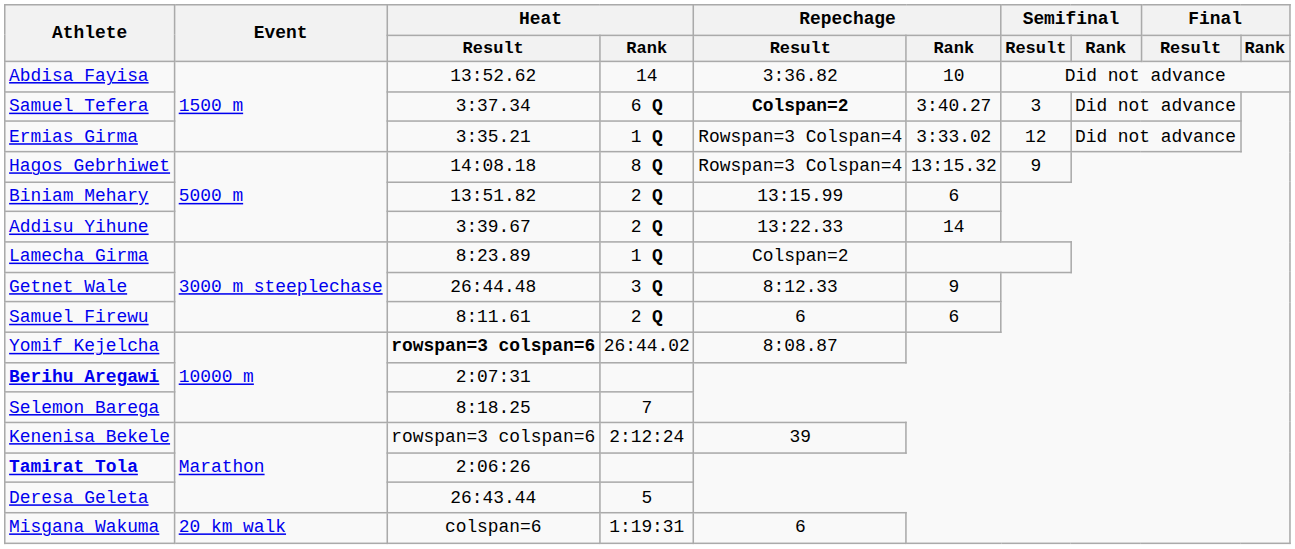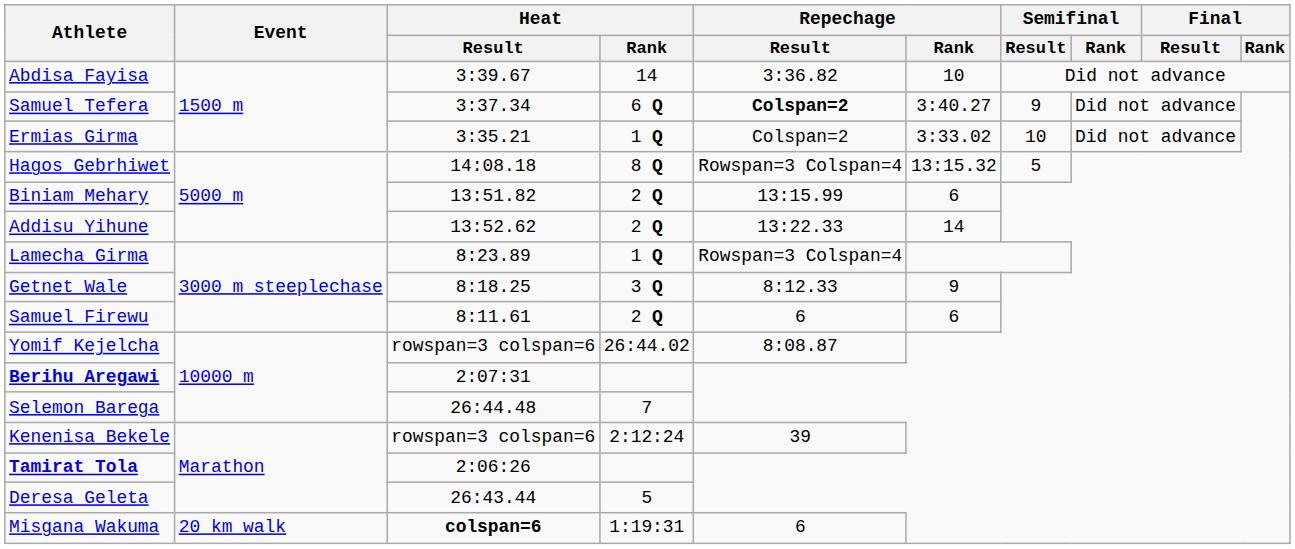 <table class="wikitable" style="font-size:90%">
 <tr>
 <th rowspan="2">Athlete</th>
 <th rowspan="2">Event</th>
 <th colspan="2">Heat</th>
 <th colspan="2">Repechage</th>
 <th colspan="2">Semifinal</th>
 <th colspan="2">Final</th>
 </tr>
 <tr style="font-size:95%">
 <th>Result</th>
 <th>Rank</th>
 <th>Result</th>
 <th>Rank</th>
 <th>Result</th>
 <th>Rank</th>
 <th>Result</th>
 <th>Rank</th>
 </tr>
 <tr align=center>
 <td align=left><a href='#'>Abdisa Fayisa</a></td>
 <td align=left rowspan=3><a href='#'>1500 m</a></td>
-<td>13:52.62</td>
+<td>3:39.67</td>
 <td>14</td>
 <td>3:36.82</td>
 <td>10</td>
 <td colspan=4>Did not advance</td>
 </tr>
 <tr align=center>
 <td align=left><a href='#'>Samuel Tefera</a></td>
 <td>3:37.34</td>
 <td>6 <strong>Q</strong></td>
 <td><strong>Colspan=2</strong></td>
 <td>3:40.27</td>
-<td>3</td>
+<td>9</td>
 <td colspan="2">Did not advance</td>
 </tr>
 <tr align=center>
 <td align=left><a href='#'>Ermias Girma</a></td>
 <td>3:35.21</td>
 <td>1 <strong>Q</strong></td>
-<td>Rowspan=3 Colspan=4</td>
+<td>Colspan=2</td>
 <td>3:33.02</td>
-<td>12</td>
+<td>10</td>
 <td colspan="2">Did not advance</td>
 </tr>
 <tr align=center>
 <td align=left><a href='#'>Hagos Gebrhiwet</a></td>
 <td align=left rowspan=3><a href='#'>5000 m</a></td>
 <td>14:08.18</td>
 <td>8 <strong>Q</strong></td>
 <td>Rowspan=3 Colspan=4</td>
 <td>13:15.32</td>
-<td>9</td>
+<td>5</td>
 </tr>
 <tr align=center>
 <td align=left><a href='#'>Biniam Mehary</a></td>
 <td>13:51.82</td>
 <td>2 <strong>Q</strong></td>
 <td>13:15.99</td>
 <td>6</td>
 </tr>
 <tr align=center>
 <td align=left><a href='#'>Addisu Yihune</a></td>
-<td>3:39.67</td>
+<td>13:52.62</td>
 <td>2 <strong>Q</strong></td>
 <td>13:22.33</td>
 <td>14</td>
 </tr>
 <tr align=center>
 <td align=left><a href='#'>Lamecha Girma</a></td>
 <td align=left rowspan=3><a href='#'>3000 m steeplechase</a></td>
 <td>8:23.89</td>
 <td>1 <strong>Q</strong></td>
-<td>Colspan=2</td>
+<td>Rowspan=3 Colspan=4</td>
 <td Colspan="2"><strong></strong></td>
 </tr>
 <tr align=center>
 <td align=left><a href='#'>Getnet Wale</a></td>
-<td>26:44.48</td>
+<td>8:18.25</td>
 <td>3 <strong>Q</strong></td>
 <td>8:12.33</td>
 <td>9</td>
 </tr>
 <tr align=center>
 <td align=left><a href='#'>Samuel Firewu</a></td>
 <td>8:11.61</td>
 <td>2 <strong>Q</strong></td>
 <td>6</td>
 <td>6</td>
 </tr>
 <tr align=center>
 <td align=left><a href='#'>Yomif Kejelcha</a></td>
 <td align=left rowspan=3><a href='#'>10000 m</a></td>
-<td><strong>rowspan=3 colspan=6</strong></td>
+<td>rowspan=3 colspan=6</td>
 <td>26:44.02</td>
 <td>8:08.87</td>
 </tr>
 <tr align=center>
 <td align=left><strong><a href='#'>Berihu Aregawi</a></strong></td>
 <td>2:07:31</td>
 <td></td>
 </tr>
 <tr align=center>
 <td align=left><a href='#'>Selemon Barega</a></td>
-<td>8:18.25</td>
+<td>26:44.48</td>
 <td>7</td>
 </tr>
 <tr align=center>
 <td align=left><a href='#'>Kenenisa Bekele</a></td>
 <td align=left rowspan=3><a href='#'>Marathon</a></td>
 <td>rowspan=3 colspan=6 </td>
 <td>2:12:24</td>
 <td>39</td>
 </tr>
 <tr align=center>
 <td align=left><strong><a href='#'>Tamirat Tola</a></strong></td>
 <td>2:06:26</td>
 <td> <strong></strong></td>
 </tr>
 <tr align=center>
 <td align=left><a href='#'>Deresa Geleta</a></td>
 <td>26:43.44</td>
 <td>5</td>
 </tr>
 <tr align=center>
 <td align=left><a href='#'>Misgana Wakuma</a></td>
 <td align=left><a href='#'>20 km walk</a></td>
-<td>colspan=6 </td>
+<td><strong>colspan=6 </strong></td>
 <td>1:19:31</td>
 <td>6</td>
 </tr>
 </table>
